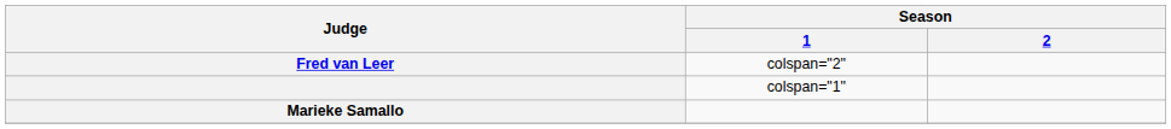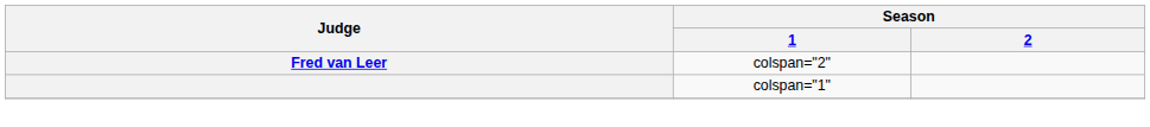 <table class="wikitable plainrowheaders" style="text-align:center">
 <tr>
 <th rowspan="2" style="width:20%;" scope="col">Judge</th>
 <th colspan="2">Season</th>
 </tr>
 <tr>
 <th style="width:7%;" scope="colspan"><a href='#'>1</a></th>
 <th style="width:7%;" scope="colspan"><a href='#'>2</a></th>
 </tr>
 <tr>
 <th scope="row" style="text-align: center;"><a href='#'>Fred van Leer</a></th>
 <td>colspan="2" </td>
 </tr>
 <tr>
 <th scope="row" style="text-align: center;"></th>
 <td>colspan="1" </td>
 <td></td>
 </tr>
 <tr>
-<th scope="row" style="text-align: center;">Marieke Samallo</th>
-<td></td>
-<td></td>
-</tr>
-<tr>
 </tr>
 </table>
